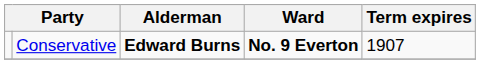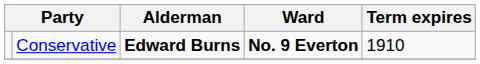 <table class="wikitable">
 <tr>
 <th colspan="2">Party</th>
 <th>Alderman</th>
 <th>Ward</th>
 <th>Term expires</th>
 </tr>
 <tr>
 <td style="background-color:"></td>
 <td><a href='#'>Conservative</a></td>
 <td><strong>Edward Burns</strong></td>
 <td><strong>No. 9 Everton</strong></td>
-<td>1907</td>
+<td>1910</td>
 </tr>
 <tr>
 </tr>
 </table>
